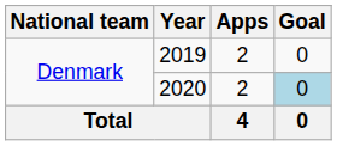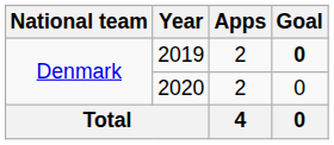 <table class="wikitable" style="text-align:center">
 <tr>
 <th>National team</th>
 <th>Year</th>
 <th>Apps</th>
 <th>Goal</th>
 </tr>
 <tr>
 <td rowspan="2"><a href='#'>Denmark</a></td>
 <td>2019</td>
 <td>2</td>
-<td>0</td>
+<td><strong>0</strong></td>
 </tr>
 <tr>
 <td>2020</td>
 <td>2</td>
-<td style="background: lightblue;">0</td>
+<td>0</td>
 </tr>
 <tr>
 <th colspan="2">Total</th>
 <th>4</th>
 <th>0</th>
 </tr>
 </table>
